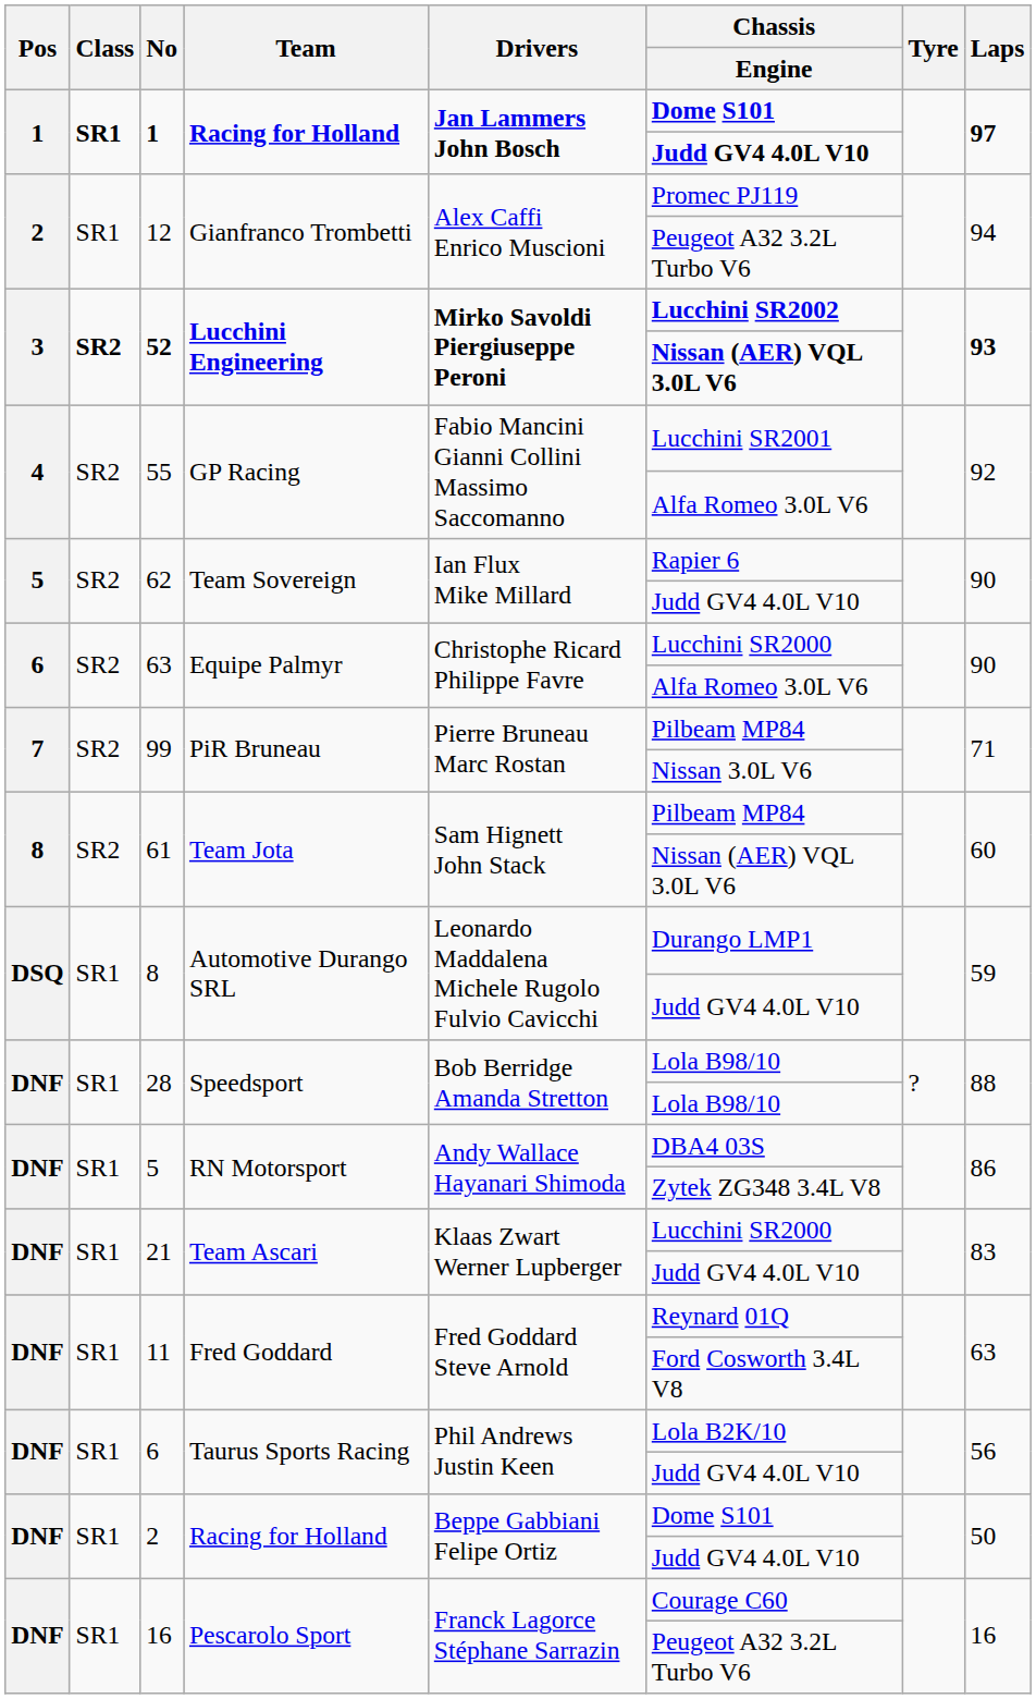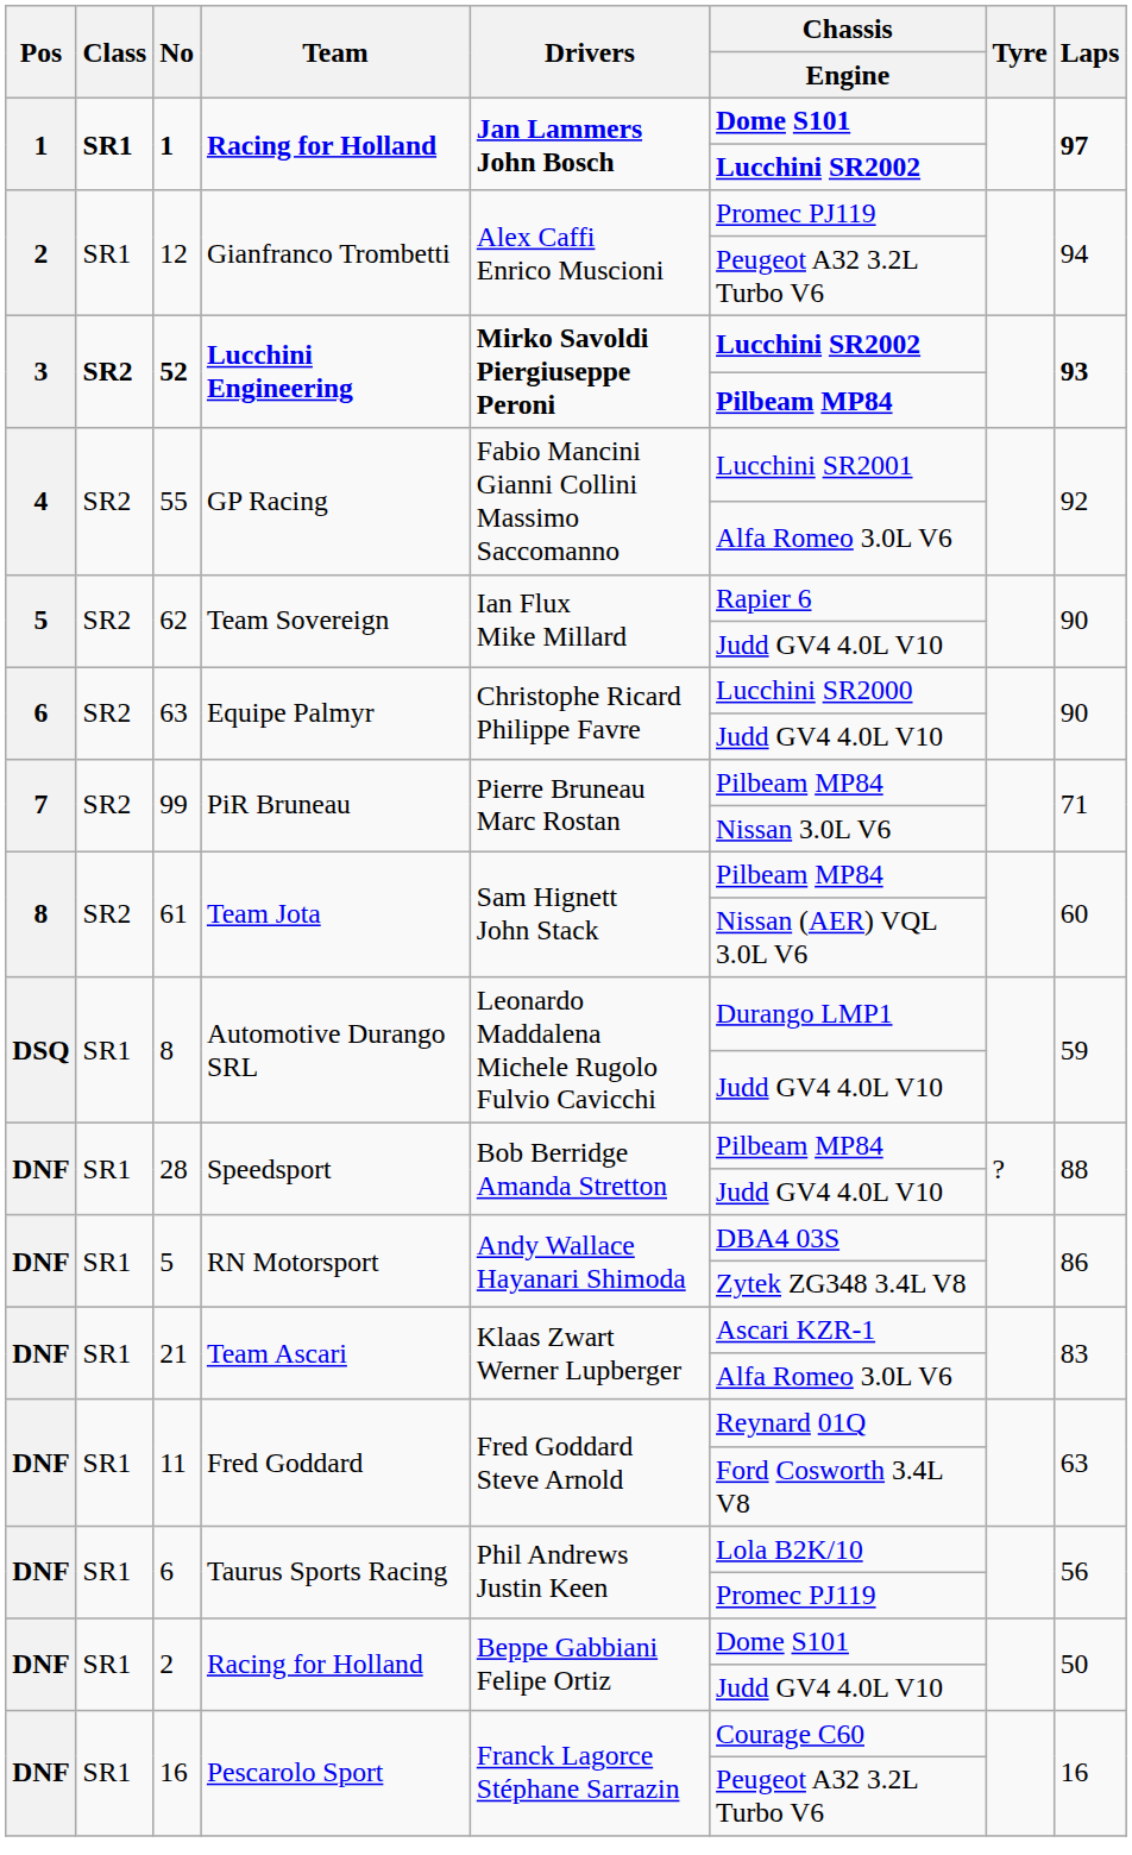 <table class="wikitable" style="font-size: 95%;">
 <tr>
 <th rowspan=2>Pos</th>
 <th rowspan=2>Class</th>
 <th rowspan=2>No</th>
 <th rowspan=2>Team</th>
 <th rowspan=2>Drivers</th>
 <th>Chassis</th>
 <th rowspan=2>Tyre</th>
 <th rowspan=2>Laps</th>
 </tr>
 <tr>
 <th>Engine</th>
 </tr>
 <tr style="font-weight:bold">
 <th rowspan=2>1</th>
 <td rowspan=2>SR1</td>
 <td rowspan=2>1</td>
 <td rowspan=2> <a href='#'>Racing for Holland</a></td>
 <td rowspan=2> <a href='#'>Jan Lammers</a><br> John Bosch</td>
 <td><a href='#'>Dome</a> <a href='#'>S101</a></td>
 <td rowspan=2></td>
 <td rowspan=2>97</td>
 </tr>
 <tr style="font-weight:bold">
-<td><a href='#'>Judd</a> GV4 4.0L V10</td>
+<td><a href='#'>Lucchini</a> <a href='#'>SR2002</a></td>
 </tr>
 <tr>
 <th rowspan=2>2</th>
 <td rowspan=2>SR1</td>
 <td rowspan=2>12</td>
 <td rowspan=2> Gianfranco Trombetti</td>
 <td rowspan=2> <a href='#'>Alex Caffi</a><br> Enrico Muscioni</td>
 <td><a href='#'>Promec PJ119</a></td>
 <td rowspan=2></td>
 <td rowspan=2>94</td>
 </tr>
 <tr>
 <td><a href='#'>Peugeot</a> A32 3.2L Turbo V6</td>
 </tr>
 <tr style="font-weight:bold">
 <th rowspan=2>3</th>
 <td rowspan=2>SR2</td>
 <td rowspan=2>52</td>
 <td rowspan=2> <a href='#'>Lucchini Engineering</a></td>
 <td rowspan=2> Mirko Savoldi<br> Piergiuseppe Peroni</td>
 <td><a href='#'>Lucchini</a> <a href='#'>SR2002</a></td>
 <td rowspan=2></td>
 <td rowspan=2>93</td>
 </tr>
 <tr style="font-weight:bold">
-<td><a href='#'>Nissan</a> (<a href='#'>AER</a>) VQL 3.0L V6</td>
+<td><a href='#'>Pilbeam</a> <a href='#'>MP84</a></td>
 </tr>
 <tr>
 <th rowspan=2>4</th>
 <td rowspan=2>SR2</td>
 <td rowspan=2>55</td>
 <td rowspan=2> GP Racing</td>
 <td rowspan=2> Fabio Mancini<br> Gianni Collini<br> Massimo Saccomanno</td>
 <td><a href='#'>Lucchini</a> <a href='#'>SR2001</a></td>
 <td rowspan=2></td>
 <td rowspan=2>92</td>
 </tr>
 <tr>
 <td><a href='#'>Alfa Romeo</a> 3.0L V6</td>
 </tr>
 <tr>
 <th rowspan=2>5</th>
 <td rowspan=2>SR2</td>
 <td rowspan=2>62</td>
 <td rowspan=2> Team Sovereign</td>
 <td rowspan=2> Ian Flux<br> Mike Millard</td>
 <td><a href='#'>Rapier 6</a></td>
 <td rowspan=2></td>
 <td rowspan=2>90</td>
 </tr>
 <tr>
 <td><a href='#'>Judd</a> GV4 4.0L V10</td>
 </tr>
 <tr>
 <th rowspan=2>6</th>
 <td rowspan=2>SR2</td>
 <td rowspan=2>63</td>
 <td rowspan=2> Equipe Palmyr</td>
 <td rowspan=2> Christophe Ricard<br> Philippe Favre</td>
 <td><a href='#'>Lucchini</a> <a href='#'>SR2000</a></td>
 <td rowspan=2></td>
 <td rowspan=2>90</td>
 </tr>
 <tr>
-<td><a href='#'>Alfa Romeo</a> 3.0L V6</td>
+<td><a href='#'>Judd</a> GV4 4.0L V10</td>
 </tr>
 <tr>
 <th rowspan=2>7</th>
 <td rowspan=2>SR2</td>
 <td rowspan=2>99</td>
 <td rowspan=2> PiR Bruneau</td>
 <td rowspan=2> Pierre Bruneau<br> Marc Rostan</td>
 <td><a href='#'>Pilbeam</a> <a href='#'>MP84</a></td>
 <td rowspan=2></td>
 <td rowspan=2>71</td>
 </tr>
 <tr>
 <td><a href='#'>Nissan</a> 3.0L V6</td>
 </tr>
 <tr>
 <th rowspan=2>8</th>
 <td rowspan=2>SR2</td>
 <td rowspan=2>61</td>
 <td rowspan=2> <a href='#'>Team Jota</a></td>
 <td rowspan=2> Sam Hignett<br> John Stack</td>
 <td><a href='#'>Pilbeam</a> <a href='#'>MP84</a></td>
 <td rowspan=2></td>
 <td rowspan=2>60</td>
 </tr>
 <tr>
 <td><a href='#'>Nissan</a> (<a href='#'>AER</a>) VQL 3.0L V6</td>
 </tr>
 <tr>
 <th rowspan=2>DSQ</th>
 <td rowspan=2>SR1</td>
 <td rowspan=2>8</td>
 <td rowspan=2> Automotive Durango SRL</td>
 <td rowspan=2> Leonardo Maddalena<br> Michele Rugolo<br> Fulvio Cavicchi</td>
 <td><a href='#'>Durango LMP1</a></td>
 <td rowspan=2></td>
 <td rowspan=2>59</td>
 </tr>
 <tr>
 <td><a href='#'>Judd</a> GV4 4.0L V10</td>
 </tr>
 <tr>
 <th rowspan=2>DNF</th>
 <td rowspan=2>SR1</td>
 <td rowspan=2>28</td>
 <td rowspan=2> Speedsport</td>
 <td rowspan=2> Bob Berridge<br> <a href='#'>Amanda Stretton</a></td>
-<td><a href='#'>Lola B98/10</a></td>
+<td><a href='#'>Pilbeam</a> <a href='#'>MP84</a></td>
 <td rowspan=2>?</td>
 <td rowspan=2>88</td>
 </tr>
 <tr>
-<td><a href='#'>Lola B98/10</a></td>
+<td><a href='#'>Judd</a> GV4 4.0L V10</td>
 </tr>
 <tr>
 <th rowspan=2>DNF</th>
 <td rowspan=2>SR1</td>
 <td rowspan=2>5</td>
 <td rowspan=2> RN Motorsport</td>
 <td rowspan=2> <a href='#'>Andy Wallace</a><br> <a href='#'>Hayanari Shimoda</a></td>
 <td><a href='#'>DBA4 03S</a></td>
 <td rowspan=2></td>
 <td rowspan=2>86</td>
 </tr>
 <tr>
 <td><a href='#'>Zytek</a> ZG348 3.4L V8</td>
 </tr>
 <tr>
 <th rowspan=2>DNF</th>
 <td rowspan=2>SR1</td>
 <td rowspan=2>21</td>
 <td rowspan=2> <a href='#'>Team Ascari</a></td>
 <td rowspan=2> Klaas Zwart<br> Werner Lupberger</td>
-<td><a href='#'>Lucchini</a> <a href='#'>SR2000</a></td>
+<td><a href='#'>Ascari KZR-1</a></td>
 <td rowspan=2></td>
 <td rowspan=2>83</td>
 </tr>
 <tr>
-<td><a href='#'>Judd</a> GV4 4.0L V10</td>
+<td><a href='#'>Alfa Romeo</a> 3.0L V6</td>
 </tr>
 <tr>
 <th rowspan=2>DNF</th>
 <td rowspan=2>SR1</td>
 <td rowspan=2>11</td>
 <td rowspan=2> Fred Goddard</td>
 <td rowspan=2> Fred Goddard<br> Steve Arnold</td>
 <td><a href='#'>Reynard</a> <a href='#'>01Q</a></td>
 <td rowspan=2></td>
 <td rowspan=2>63</td>
 </tr>
 <tr>
 <td><a href='#'>Ford</a> <a href='#'>Cosworth</a> 3.4L V8</td>
 </tr>
 <tr>
 <th rowspan=2>DNF</th>
 <td rowspan=2>SR1</td>
 <td rowspan=2>6</td>
 <td rowspan=2> Taurus Sports Racing</td>
 <td rowspan=2> Phil Andrews<br> Justin Keen</td>
 <td><a href='#'>Lola B2K/10</a></td>
 <td rowspan=2></td>
 <td rowspan=2>56</td>
 </tr>
 <tr>
-<td><a href='#'>Judd</a> GV4 4.0L V10</td>
+<td><a href='#'>Promec PJ119</a></td>
 </tr>
 <tr>
 <th rowspan=2>DNF</th>
 <td rowspan=2>SR1</td>
 <td rowspan=2>2</td>
 <td rowspan=2> <a href='#'>Racing for Holland</a></td>
 <td rowspan=2> <a href='#'>Beppe Gabbiani</a><br> Felipe Ortiz</td>
 <td><a href='#'>Dome</a> <a href='#'>S101</a></td>
 <td rowspan=2></td>
 <td rowspan=2>50</td>
 </tr>
 <tr>
 <td><a href='#'>Judd</a> GV4 4.0L V10</td>
 </tr>
 <tr>
 <th rowspan=2>DNF</th>
 <td rowspan=2>SR1</td>
 <td rowspan=2>16</td>
 <td rowspan=2> <a href='#'>Pescarolo Sport</a></td>
 <td rowspan=2> <a href='#'>Franck Lagorce</a><br> <a href='#'>Stéphane Sarrazin</a></td>
 <td><a href='#'>Courage C60</a></td>
 <td rowspan=2></td>
 <td rowspan=2>16</td>
 </tr>
 <tr>
 <td><a href='#'>Peugeot</a> A32 3.2L Turbo V6</td>
 </tr>
 </table>
